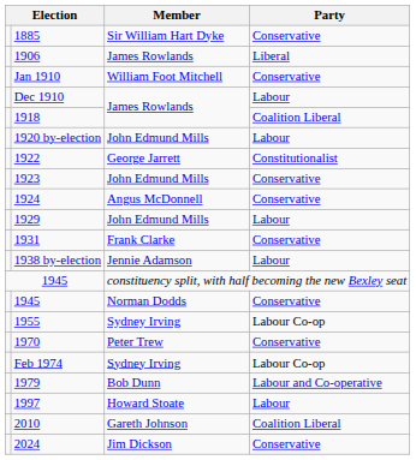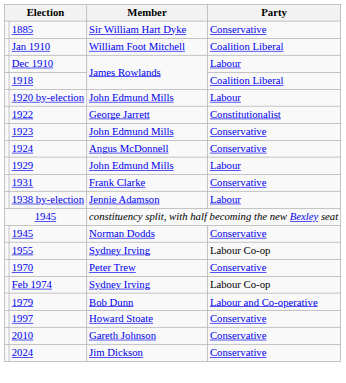 <table class="wikitable">
 <tr>
 <th colspan="2">Election</th>
 <th>Member</th>
 <th>Party</th>
 </tr>
 <tr>
 <td style="color:inherit;background-color: "></td>
 <td><a href='#'>1885</a></td>
 <td><a href='#'>Sir William Hart Dyke</a></td>
 <td><a href='#'>Conservative</a></td>
 </tr>
 <tr>
 <td style="color:inherit;background-color: "></td>
-<td><a href='#'>1906</a></td>
-<td><a href='#'>James Rowlands</a></td>
-<td><a href='#'>Liberal</a></td>
-</tr>
-<tr>
-<td style="color:inherit;background-color: "></td>
 <td><a href='#'>Jan 1910</a></td>
 <td><a href='#'>William Foot Mitchell</a></td>
-<td><a href='#'>Conservative</a></td>
+<td><a href='#'>Coalition Liberal</a></td>
 </tr>
 <tr>
 <td style="color:inherit;background-color: "></td>
 <td><a href='#'>Dec 1910</a></td>
 <td rowspan="2"><a href='#'>James Rowlands</a></td>
 <td><a href='#'>Labour</a></td>
 </tr>
 <tr>
 <td style="color:inherit;background-color: "></td>
 <td><a href='#'>1918</a></td>
 <td><a href='#'>Coalition Liberal</a></td>
 </tr>
 <tr>
 <td style="color:inherit;background-color: "></td>
 <td><a href='#'>1920 by-election</a></td>
 <td><a href='#'>John Edmund Mills</a></td>
 <td><a href='#'>Labour</a></td>
 </tr>
 <tr>
 <td style="color:inherit;background-color: "></td>
 <td><a href='#'>1922</a></td>
 <td><a href='#'>George Jarrett</a></td>
 <td><a href='#'>Constitutionalist</a></td>
 </tr>
 <tr>
 <td style="color:inherit;background-color: "></td>
 <td><a href='#'>1923</a></td>
 <td><a href='#'>John Edmund Mills</a></td>
 <td><a href='#'>Conservative</a></td>
 </tr>
 <tr>
 <td style="color:inherit;background-color: "></td>
 <td><a href='#'>1924</a></td>
 <td><a href='#'>Angus McDonnell</a></td>
 <td><a href='#'>Conservative</a></td>
 </tr>
 <tr>
 <td style="color:inherit;background-color: "></td>
 <td><a href='#'>1929</a></td>
 <td><a href='#'>John Edmund Mills</a></td>
 <td><a href='#'>Labour</a></td>
 </tr>
 <tr>
 <td style="color:inherit;background-color: "></td>
 <td><a href='#'>1931</a></td>
 <td><a href='#'>Frank Clarke</a></td>
 <td><a href='#'>Conservative</a></td>
 </tr>
 <tr>
 <td style="color:inherit;background-color: "></td>
 <td><a href='#'>1938 by-election</a></td>
 <td><a href='#'>Jennie Adamson</a></td>
 <td><a href='#'>Labour</a></td>
 </tr>
 <tr>
 <td colspan="2" style="text-align:center;"><a href='#'>1945</a></td>
 <td colspan="2"><em>constituency split, with half becoming the new <a href='#'>Bexley</a> seat</em></td>
 </tr>
 <tr>
 <td style="color:inherit;background-color: "></td>
 <td><a href='#'>1945</a></td>
 <td><a href='#'>Norman Dodds</a></td>
 <td><a href='#'>Conservative</a></td>
 </tr>
 <tr>
 <td style="color:inherit;background-color: "></td>
 <td><a href='#'>1955</a></td>
 <td><a href='#'>Sydney Irving</a></td>
 <td>Labour Co-op</td>
 </tr>
 <tr>
 <td style="color:inherit;background-color: "></td>
 <td><a href='#'>1970</a></td>
 <td><a href='#'>Peter Trew</a></td>
 <td><a href='#'>Conservative</a></td>
 </tr>
 <tr>
 <td style="color:inherit;background-color: "></td>
 <td><a href='#'>Feb 1974</a></td>
 <td><a href='#'>Sydney Irving</a></td>
 <td>Labour Co-op</td>
 </tr>
 <tr>
 <td style="color:inherit;background-color: "></td>
 <td><a href='#'>1979</a></td>
 <td><a href='#'>Bob Dunn</a></td>
 <td><a href='#'>Labour and Co-operative</a></td>
 </tr>
 <tr>
 <td style="color:inherit;background-color: "></td>
 <td><a href='#'>1997</a></td>
 <td><a href='#'>Howard Stoate</a></td>
-<td><a href='#'>Labour</a></td>
+<td><a href='#'>Conservative</a></td>
 </tr>
 <tr>
 <td style="color:inherit;background-color: "></td>
 <td><a href='#'>2010</a></td>
 <td><a href='#'>Gareth Johnson</a></td>
-<td><a href='#'>Coalition Liberal</a></td>
+<td><a href='#'>Conservative</a></td>
 </tr>
 <tr>
 <td style="color:inherit;background-color: "></td>
 <td><a href='#'>2024</a></td>
 <td><a href='#'>Jim Dickson</a></td>
 <td><a href='#'>Conservative</a></td>
 </tr>
 </table>
